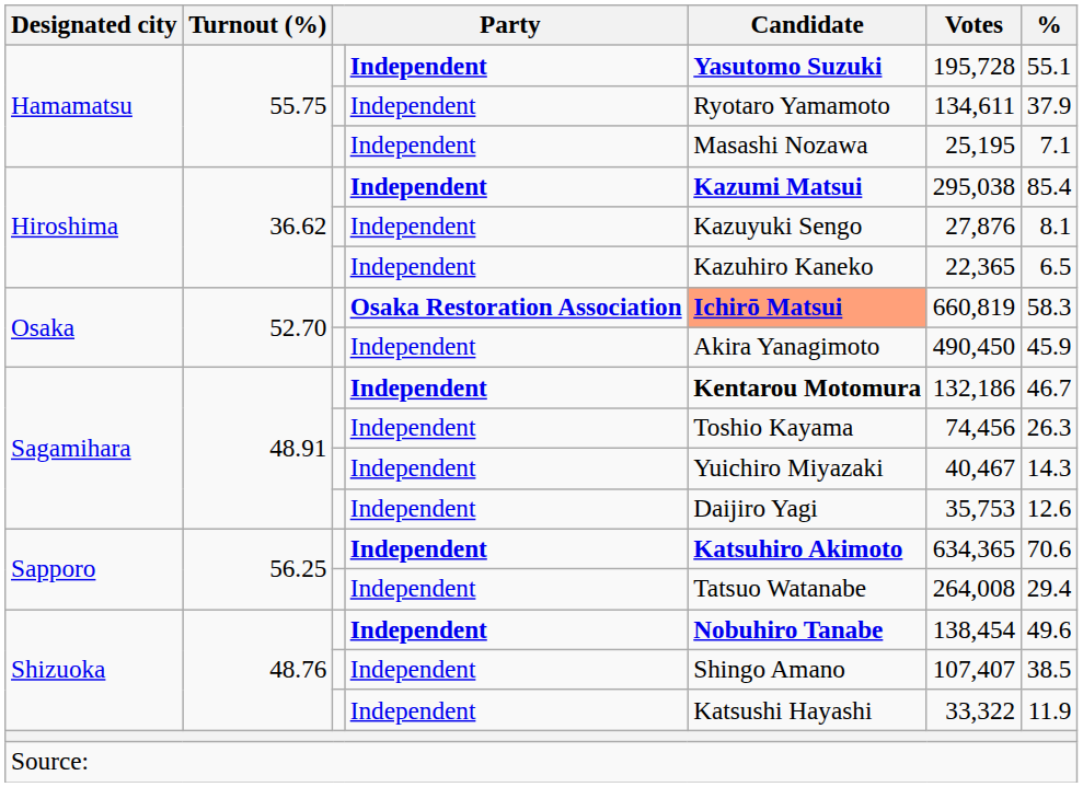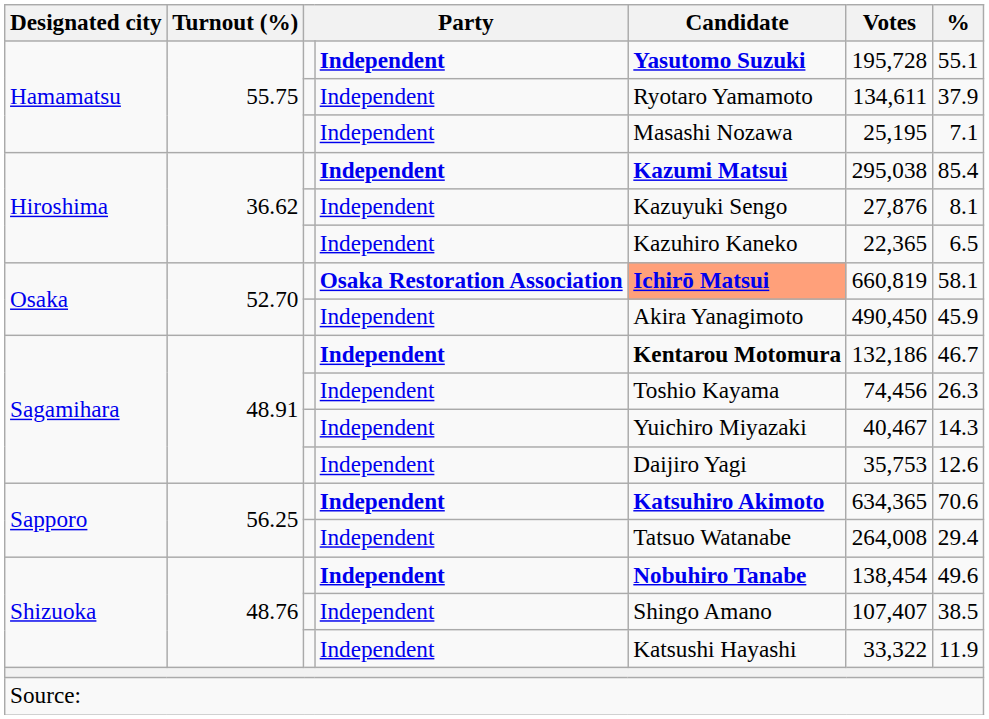 <table class="wikitable">
 <tr>
 <th>Designated city</th>
 <th>Turnout (%)</th>
 <th colspan="2">Party</th>
 <th>Candidate</th>
 <th>Votes</th>
 <th>%</th>
 </tr>
 <tr>
 <td rowspan="3"><a href='#'>Hamamatsu</a></td>
 <td rowspan="3" align="right">55.75</td>
 <td></td>
 <td><a href='#'><strong>Independent</strong></a></td>
 <td><strong><a href='#'>Yasutomo Suzuki</a></strong></td>
 <td align="right">195,728</td>
 <td align="right">55.1</td>
 </tr>
 <tr>
 <td></td>
 <td><a href='#'>Independent</a></td>
 <td>Ryotaro Yamamoto</td>
 <td align="right">134,611</td>
 <td align="right">37.9</td>
 </tr>
 <tr>
 <td></td>
 <td><a href='#'>Independent</a></td>
 <td>Masashi Nozawa</td>
 <td align="right">25,195</td>
 <td align="right">7.1</td>
 </tr>
 <tr>
 <td rowspan="3"><a href='#'>Hiroshima</a></td>
 <td rowspan="3" align="right">36.62</td>
 <td></td>
 <td><a href='#'><strong>Independent</strong></a></td>
 <td><strong><a href='#'>Kazumi Matsui</a></strong></td>
 <td align="right">295,038</td>
 <td align="right">85.4</td>
 </tr>
 <tr>
 <td></td>
 <td><a href='#'>Independent</a></td>
 <td>Kazuyuki Sengo</td>
 <td align="right">27,876</td>
 <td align="right">8.1</td>
 </tr>
 <tr>
 <td></td>
 <td><a href='#'>Independent</a></td>
 <td>Kazuhiro Kaneko</td>
 <td align="right">22,365</td>
 <td align="right">6.5</td>
 </tr>
 <tr>
 <td rowspan="2"><a href='#'>Osaka</a></td>
 <td rowspan="2" align="right">52.70</td>
 <td></td>
 <td><strong><a href='#'>Osaka Restoration Association</a></strong></td>
 <td style="background: lightsalmon;"><strong><a href='#'>Ichirō Matsui</a></strong></td>
 <td align="right">660,819</td>
-<td align="right">58.3</td>
+<td align="right">58.1</td>
 </tr>
 <tr>
 <td></td>
 <td><a href='#'>Independent</a></td>
 <td>Akira Yanagimoto</td>
 <td align="right">490,450</td>
 <td align="right">45.9</td>
 </tr>
 <tr>
 <td rowspan="4"><a href='#'>Sagamihara</a></td>
 <td rowspan="4" align="right">48.91</td>
 <td></td>
 <td><a href='#'><strong>Independent</strong></a></td>
 <td><strong>Kentarou Motomura</strong></td>
 <td align="right">132,186</td>
 <td align="right">46.7</td>
 </tr>
 <tr>
 <td></td>
 <td><a href='#'>Independent</a></td>
 <td>Toshio Kayama</td>
 <td align="right">74,456</td>
 <td align="right">26.3</td>
 </tr>
 <tr>
 <td></td>
 <td><a href='#'>Independent</a></td>
 <td>Yuichiro Miyazaki</td>
 <td align="right">40,467</td>
 <td align="right">14.3</td>
 </tr>
 <tr>
 <td></td>
 <td><a href='#'>Independent</a></td>
 <td>Daijiro Yagi</td>
 <td align="right">35,753</td>
 <td align="right">12.6</td>
 </tr>
 <tr>
 <td rowspan="2"><a href='#'>Sapporo</a></td>
 <td rowspan="2" align="right">56.25</td>
 <td></td>
 <td><a href='#'><strong>Independent</strong></a></td>
 <td><strong><a href='#'>Katsuhiro Akimoto</a></strong></td>
 <td align="right">634,365</td>
 <td align="right">70.6</td>
 </tr>
 <tr>
 <td></td>
 <td><a href='#'>Independent</a></td>
 <td>Tatsuo Watanabe</td>
 <td align="right">264,008</td>
 <td align="right">29.4</td>
 </tr>
 <tr>
 <td rowspan="3"><a href='#'>Shizuoka</a></td>
 <td rowspan="3" align="right">48.76</td>
 <td></td>
 <td><a href='#'><strong>Independent</strong></a></td>
 <td><strong><a href='#'>Nobuhiro Tanabe</a></strong></td>
 <td align="right">138,454</td>
 <td align="right">49.6</td>
 </tr>
 <tr>
 <td></td>
 <td><a href='#'>Independent</a></td>
 <td>Shingo Amano</td>
 <td align="right">107,407</td>
 <td align="right">38.5</td>
 </tr>
 <tr>
 <td></td>
 <td><a href='#'>Independent</a></td>
 <td>Katsushi Hayashi</td>
 <td align="right">33,322</td>
 <td align="right">11.9</td>
 </tr>
 <tr>
 <th colspan="7"></th>
 </tr>
 <tr>
 <td colspan="7">Source: </td>
 </tr>
 </table>
